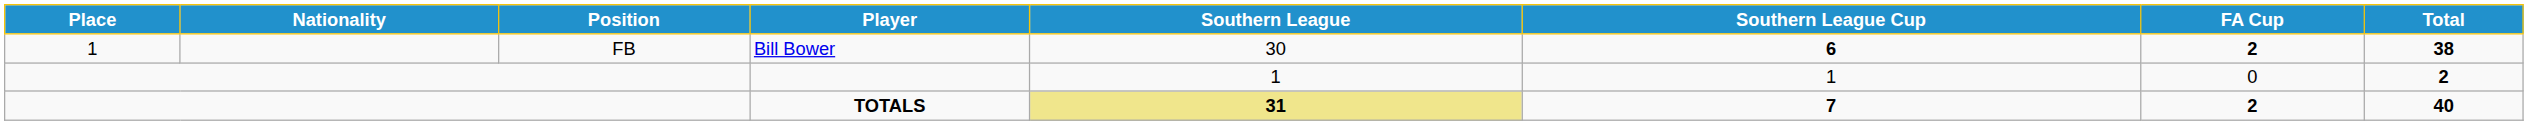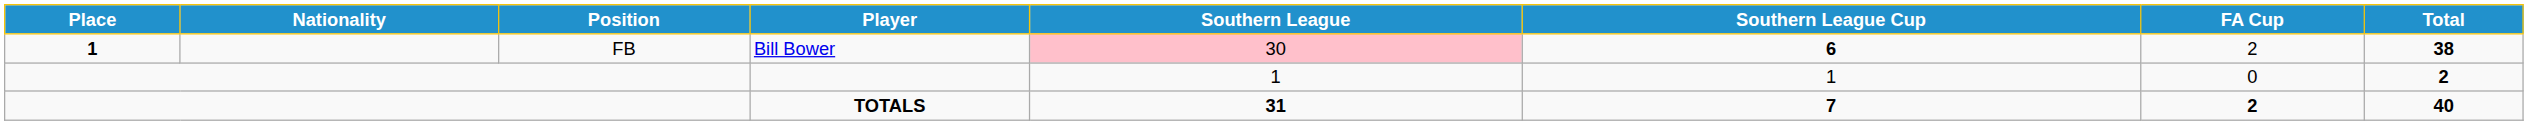 <table class="wikitable" style="text-align:center; font-size:90%; width:100%;">
 <tr>
 <th style="background:#2191CC; color:white; border:1px solid #F7C408; text-align:center;">Place</th>
 <th style="background:#2191CC; color:white; border:1px solid #F7C408; text-align:center;">Nationality</th>
 <th style="background:#2191CC; color:white; border:1px solid #F7C408; text-align:center;">Position</th>
 <th style="background:#2191CC; color:white; border:1px solid #F7C408; text-align:center;">Player</th>
 <th style="background:#2191CC; color:white; border:1px solid #F7C408; text-align:center;">Southern League</th>
 <th style="background:#2191CC; color:white; border:1px solid #F7C408; text-align:center;">Southern League Cup</th>
 <th style="background:#2191CC; color:white; border:1px solid #F7C408; text-align:center;">FA Cup</th>
 <th style="background:#2191CC; color:white; border:1px solid #F7C408; text-align:center;">Total</th>
 </tr>
 <tr>
-<td>1</td>
+<td><strong>1</strong></td>
 <td></td>
 <td>FB</td>
 <td align="left"><a href='#'>Bill Bower</a></td>
-<td>30</td>
+<td style="background: pink;">30</td>
 <td><strong>6</strong></td>
-<td><strong>2</strong></td>
+<td>2</td>
 <td><strong>38</strong></td>
 </tr>
 <tr>
 <td colspan="3"></td>
 <td></td>
 <td>1</td>
 <td>1</td>
 <td>0</td>
 <td><strong>2</strong></td>
 </tr>
 <tr>
 <td colspan="3"></td>
 <td><strong>TOTALS</strong></td>
-<td style="background: khaki;"><strong>31</strong></td>
+<td><strong>31</strong></td>
 <td><strong>7</strong></td>
 <td><strong>2</strong></td>
 <td><strong>40</strong></td>
 </tr>
 </table>
